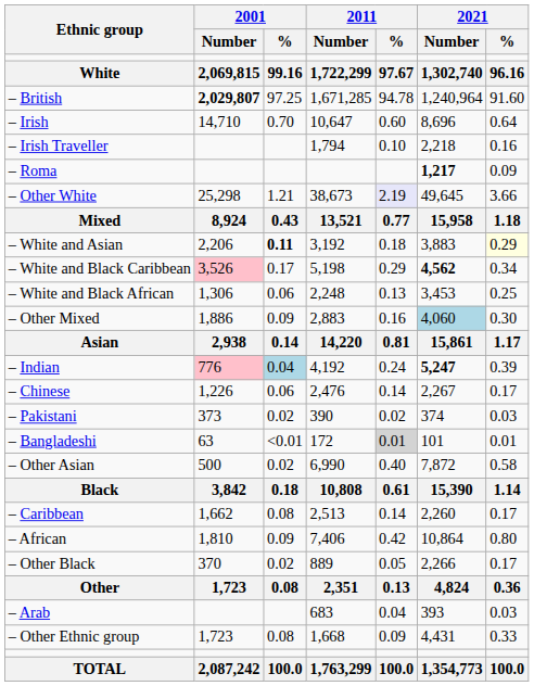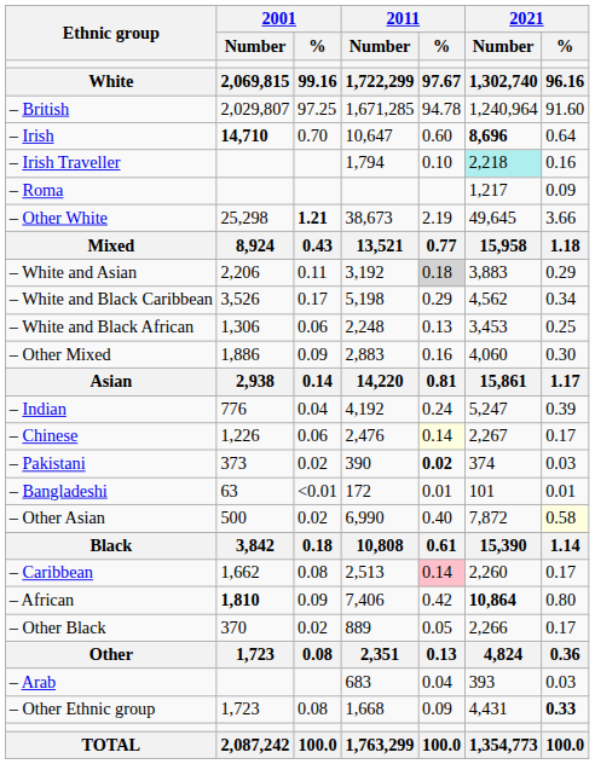 <table class="sortable wikitable">
 <tr>
 <th rowspan="2">Ethnic group</th>
 <th colspan="2"><a href='#'>2001</a></th>
 <th colspan="2"><a href='#'>2011</a></th>
 <th colspan="2"><a href='#'>2021</a></th>
 </tr>
 <tr>
 <th>Number</th>
 <th>%</th>
 <th>Number</th>
 <th>%</th>
 <th>Number</th>
 <th>%</th>
 </tr>
 <tr>
 <td></td>
 <td></td>
 <td></td>
 <td></td>
 <td></td>
 <td></td>
 </tr>
 <tr>
 <th align=left>White</th>
 <th>2,069,815</th>
 <th>99.16</th>
 <th>1,722,299</th>
 <th>97.67</th>
 <th>1,302,740</th>
 <th>96.16</th>
 </tr>
 <tr>
 <td align=left>– <a href='#'>British</a></td>
-<td><strong>2,029,807</strong></td>
+<td>2,029,807</td>
 <td>97.25</td>
 <td>1,671,285</td>
 <td>94.78</td>
 <td>1,240,964</td>
 <td>91.60</td>
 </tr>
 <tr>
 <td align=left>– <a href='#'>Irish</a></td>
-<td>14,710</td>
+<td><strong>14,710</strong></td>
 <td>0.70</td>
 <td>10,647</td>
 <td>0.60</td>
-<td>8,696</td>
+<td><strong>8,696</strong></td>
 <td>0.64</td>
 </tr>
 <tr>
 <td align=left>– <a href='#'>Irish Traveller</a></td>
 <td></td>
 <td></td>
 <td>1,794</td>
 <td>0.10</td>
-<td>2,218</td>
+<td style="background: paleturquoise;">2,218</td>
 <td>0.16</td>
 </tr>
 <tr>
 <td align=left>– <a href='#'>Roma</a></td>
 <td></td>
 <td></td>
 <td></td>
 <td></td>
-<td><strong>1,217</strong></td>
+<td>1,217</td>
 <td>0.09</td>
 </tr>
 <tr>
 <td align=left>– <a href='#'>Other White</a></td>
 <td>25,298</td>
-<td>1.21</td>
+<td><strong>1.21</strong></td>
 <td>38,673</td>
-<td style="background: lavender;">2.19</td>
+<td>2.19</td>
 <td>49,645</td>
 <td>3.66</td>
 </tr>
 <tr>
 <th align=left>Mixed</th>
 <th>8,924</th>
 <th>0.43</th>
 <th>13,521</th>
 <th>0.77</th>
 <th>15,958</th>
 <th>1.18</th>
 </tr>
 <tr>
 <td align=left>– White and Asian</td>
 <td>2,206</td>
-<td><strong>0.11</strong></td>
+<td>0.11</td>
 <td>3,192</td>
-<td>0.18</td>
+<td style="background: lightgrey;">0.18</td>
 <td>3,883</td>
-<td style="background: lightyellow;">0.29</td>
+<td>0.29</td>
 </tr>
 <tr>
 <td align=left>– White and Black Caribbean</td>
-<td style="background: pink;">3,526</td>
+<td>3,526</td>
 <td>0.17</td>
 <td>5,198</td>
 <td>0.29</td>
-<td><strong>4,562</strong></td>
+<td>4,562</td>
 <td>0.34</td>
 </tr>
 <tr>
 <td align=left>– White and Black African</td>
 <td>1,306</td>
 <td>0.06</td>
 <td>2,248</td>
 <td>0.13</td>
 <td>3,453</td>
 <td>0.25</td>
 </tr>
 <tr>
 <td align=left>– Other Mixed</td>
 <td>1,886</td>
 <td>0.09</td>
 <td>2,883</td>
 <td>0.16</td>
-<td style="background: lightblue;">4,060</td>
+<td>4,060</td>
 <td>0.30</td>
 </tr>
 <tr>
 <th align=left>Asian</th>
 <th>2,938</th>
 <th>0.14</th>
 <th>14,220</th>
 <th>0.81</th>
 <th>15,861</th>
 <th>1.17</th>
 </tr>
 <tr>
 <td align=left>– <a href='#'>Indian</a></td>
-<td style="background: pink;">776</td>
-<td style="background: lightblue;">0.04</td>
+<td>776</td>
+<td>0.04</td>
 <td>4,192</td>
 <td>0.24</td>
-<td><strong>5,247</strong></td>
+<td>5,247</td>
 <td>0.39</td>
 </tr>
 <tr>
 <td align=left>– <a href='#'>Chinese</a></td>
 <td>1,226</td>
 <td>0.06</td>
 <td>2,476</td>
-<td>0.14</td>
+<td style="background: lightyellow;">0.14</td>
 <td>2,267</td>
 <td>0.17</td>
 </tr>
 <tr>
 <td align=left>– <a href='#'>Pakistani</a></td>
 <td>373</td>
 <td>0.02</td>
 <td>390</td>
-<td>0.02</td>
+<td><strong>0.02</strong></td>
 <td>374</td>
 <td>0.03</td>
 </tr>
 <tr>
 <td align=left>– <a href='#'>Bangladeshi</a></td>
 <td>63</td>
 <td><0.01</td>
 <td>172</td>
-<td style="background: lightgrey;">0.01</td>
+<td>0.01</td>
 <td>101</td>
 <td>0.01</td>
 </tr>
 <tr>
 <td align=left>– Other Asian</td>
 <td>500</td>
 <td>0.02</td>
 <td>6,990</td>
 <td>0.40</td>
 <td>7,872</td>
-<td>0.58</td>
+<td style="background: lightyellow;">0.58</td>
 </tr>
 <tr>
 <th align=left>Black</th>
 <th>3,842</th>
 <th>0.18</th>
 <th>10,808</th>
 <th>0.61</th>
 <th>15,390</th>
 <th>1.14</th>
 </tr>
 <tr>
 <td align=left>– <a href='#'>Caribbean</a></td>
 <td>1,662</td>
 <td>0.08</td>
 <td>2,513</td>
-<td>0.14</td>
+<td style="background: pink;">0.14</td>
 <td>2,260</td>
 <td>0.17</td>
 </tr>
 <tr>
 <td align=left>– African</td>
-<td>1,810</td>
+<td><strong>1,810</strong></td>
 <td>0.09</td>
 <td>7,406</td>
 <td>0.42</td>
-<td>10,864</td>
+<td><strong>10,864</strong></td>
 <td>0.80</td>
 </tr>
 <tr>
 <td align=left>– Other Black</td>
 <td>370</td>
 <td>0.02</td>
 <td>889</td>
 <td>0.05</td>
 <td>2,266</td>
 <td>0.17</td>
 </tr>
 <tr>
 <th align=left>Other</th>
 <th>1,723</th>
 <th>0.08</th>
 <th>2,351</th>
 <th>0.13</th>
 <th>4,824</th>
 <th>0.36</th>
 </tr>
 <tr>
 <td align=left>– <a href='#'>Arab</a></td>
 <td></td>
 <td></td>
 <td>683</td>
 <td>0.04</td>
 <td>393</td>
 <td>0.03</td>
 </tr>
 <tr>
 <td align=left>– Other Ethnic group</td>
 <td>1,723</td>
 <td>0.08</td>
 <td>1,668</td>
 <td>0.09</td>
 <td>4,431</td>
-<td>0.33</td>
+<td><strong>0.33</strong></td>
 </tr>
 <tr>
 <td></td>
 <td></td>
 <td></td>
 <td></td>
 <td></td>
 <td></td>
 </tr>
 <tr>
 <th align=left>TOTAL</th>
 <th>2,087,242</th>
 <th>100.0</th>
 <th>1,763,299</th>
 <th>100.0</th>
 <th>1,354,773</th>
 <th>100.0</th>
 </tr>
 </table>
